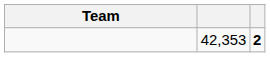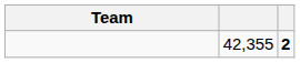 <table class="wikitable">
 <tr>
 <th width=200>Team</th>
 <th></th>
 <th></th>
 </tr>
 <tr>
 <td><strong></strong></td>
-<td align=right>42,353</td>
+<td align=right>42,355</td>
 <td align=center><strong>2</strong></td>
 </tr>
 </table>
